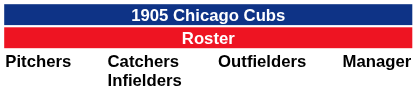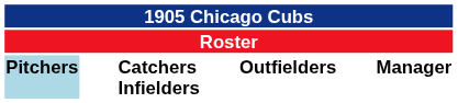 <table class="toccolours" style="font-size: 95%;">
 <tr>
 <th colspan="10" style="background-color: #0e3386; color: white; text-align: center;">1905 Chicago Cubs</th>
 </tr>
 <tr>
 <td colspan="10" style="background-color: #EE1422; color: white; text-align: center;"><strong>Roster</strong></td>
 </tr>
 <tr>
-<td valign="top"><strong>Pitchers</strong><br>      </td>
+<td valign="top" style="background: lightblue;"><strong>Pitchers</strong><br>      </td>
 <td width="25px"></td>
 <td valign="top"><strong>Catchers</strong><br>  <strong>Infielders</strong>       </td>
 <td width="25px"></td>
 <td valign="top"><strong>Outfielders</strong><br>   </td>
 <td width="25px"></td>
 <td valign="top"><strong>Manager</strong><br> </td>
 </tr>
 </table>
